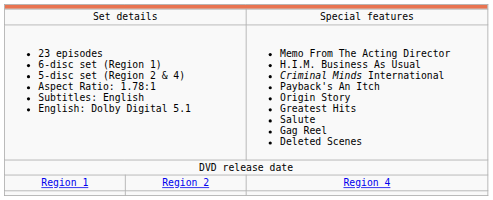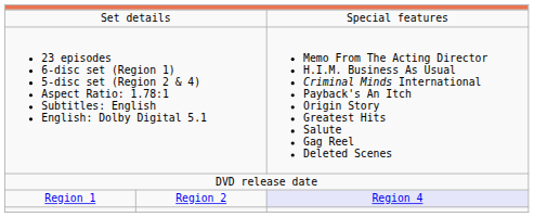 <table class="wikitable" style="font-size: 95%;">
 <tr style="background:#E97451">
 <td colspan="4" style="text-align:center;"></td>
 </tr>
 <tr style="text-align:center;">
 <td style="width:300px;" colspan="2">Set details</td>
 <td style="width:300px;" colspan="2">Special features</td>
 </tr>
 <tr valign="top">
 <td colspan="2"  style="text-align:left; width:300px;"><br><ul><li>23 episodes</li><li>6-disc set (Region 1)</li><li>5-disc set (Region 2 & 4)</li><li>Aspect Ratio: 1.78:1</li><li>Subtitles: English</li><li>English: Dolby Digital 5.1</li></ul></td>
 <td colspan="3" style="text-align:left; width:300px;"><br><ul><li>Memo From The Acting Director</li><li>H.I.M. Business As Usual</li><li><em>Criminal Minds</em> International</li><li>Payback's An Itch</li><li>Origin Story</li><li>Greatest Hits</li><li>Salute</li><li>Gag Reel</li><li>Deleted Scenes</li></ul></td>
 </tr>
 <tr>
 <td colspan="3" style="text-align:center;">DVD release date</td>
 </tr>
 <tr style="text-align:center;">
 <td><a href='#'>Region 1</a></td>
 <td><a href='#'>Region 2</a></td>
-<td><a href='#'>Region 4</a></td>
+<td style="background: lavender;"><a href='#'>Region 4</a></td>
 </tr>
 <tr style="text-align:center;">
 <td></td>
 <td></td>
 <td></td>
 </tr>
 </table>
